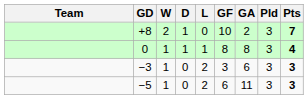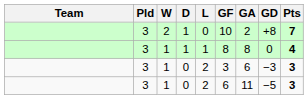 <table class="wikitable" style="text-align:center;">
 <tr>
 <th width=175>Team</th>
-<th width=20 abbr="Goal difference">GD</th>
+<th width=20 abbr="Played">Pld</th>
 <th width=20 abbr="Won">W</th>
 <th width=20 abbr="Drawn">D</th>
 <th width=20 abbr="Lost">L</th>
 <th width=20 abbr="Goals for">GF</th>
 <th width=20 abbr="Goals against">GA</th>
-<th width=20 abbr="Played">Pld</th>
+<th width=20 abbr="Goal difference">GD</th>
 <th width=20 abbr="Points">Pts</th>
 </tr>
 <tr ---- align="center" bgcolor="ccffcc">
 <td align="left"></td>
-<td>+8</td>
+<td>3</td>
 <td>2</td>
 <td>1</td>
 <td>0</td>
 <td>10</td>
 <td>2</td>
-<td>3</td>
+<td>+8</td>
 <td><strong>7</strong></td>
 </tr>
 <tr ---- align="center" bgcolor="ccffcc">
 <td align="left"></td>
-<td>0</td>
+<td>3</td>
 <td>1</td>
 <td>1</td>
 <td>1</td>
 <td>8</td>
 <td>8</td>
-<td>3</td>
+<td>0</td>
 <td><strong>4</strong></td>
 </tr>
 <tr ---- align="center">
 <td align="left"></td>
-<td>−3</td>
+<td>3</td>
 <td>1</td>
 <td>0</td>
 <td>2</td>
 <td>3</td>
 <td>6</td>
-<td>3</td>
+<td>−3</td>
 <td><strong>3</strong></td>
 </tr>
 <tr ---- align="center">
 <td align="left"></td>
-<td>−5</td>
+<td>3</td>
 <td>1</td>
 <td>0</td>
 <td>2</td>
 <td>6</td>
 <td>11</td>
-<td>3</td>
+<td>−5</td>
 <td><strong>3</strong></td>
 </tr>
 </table>
